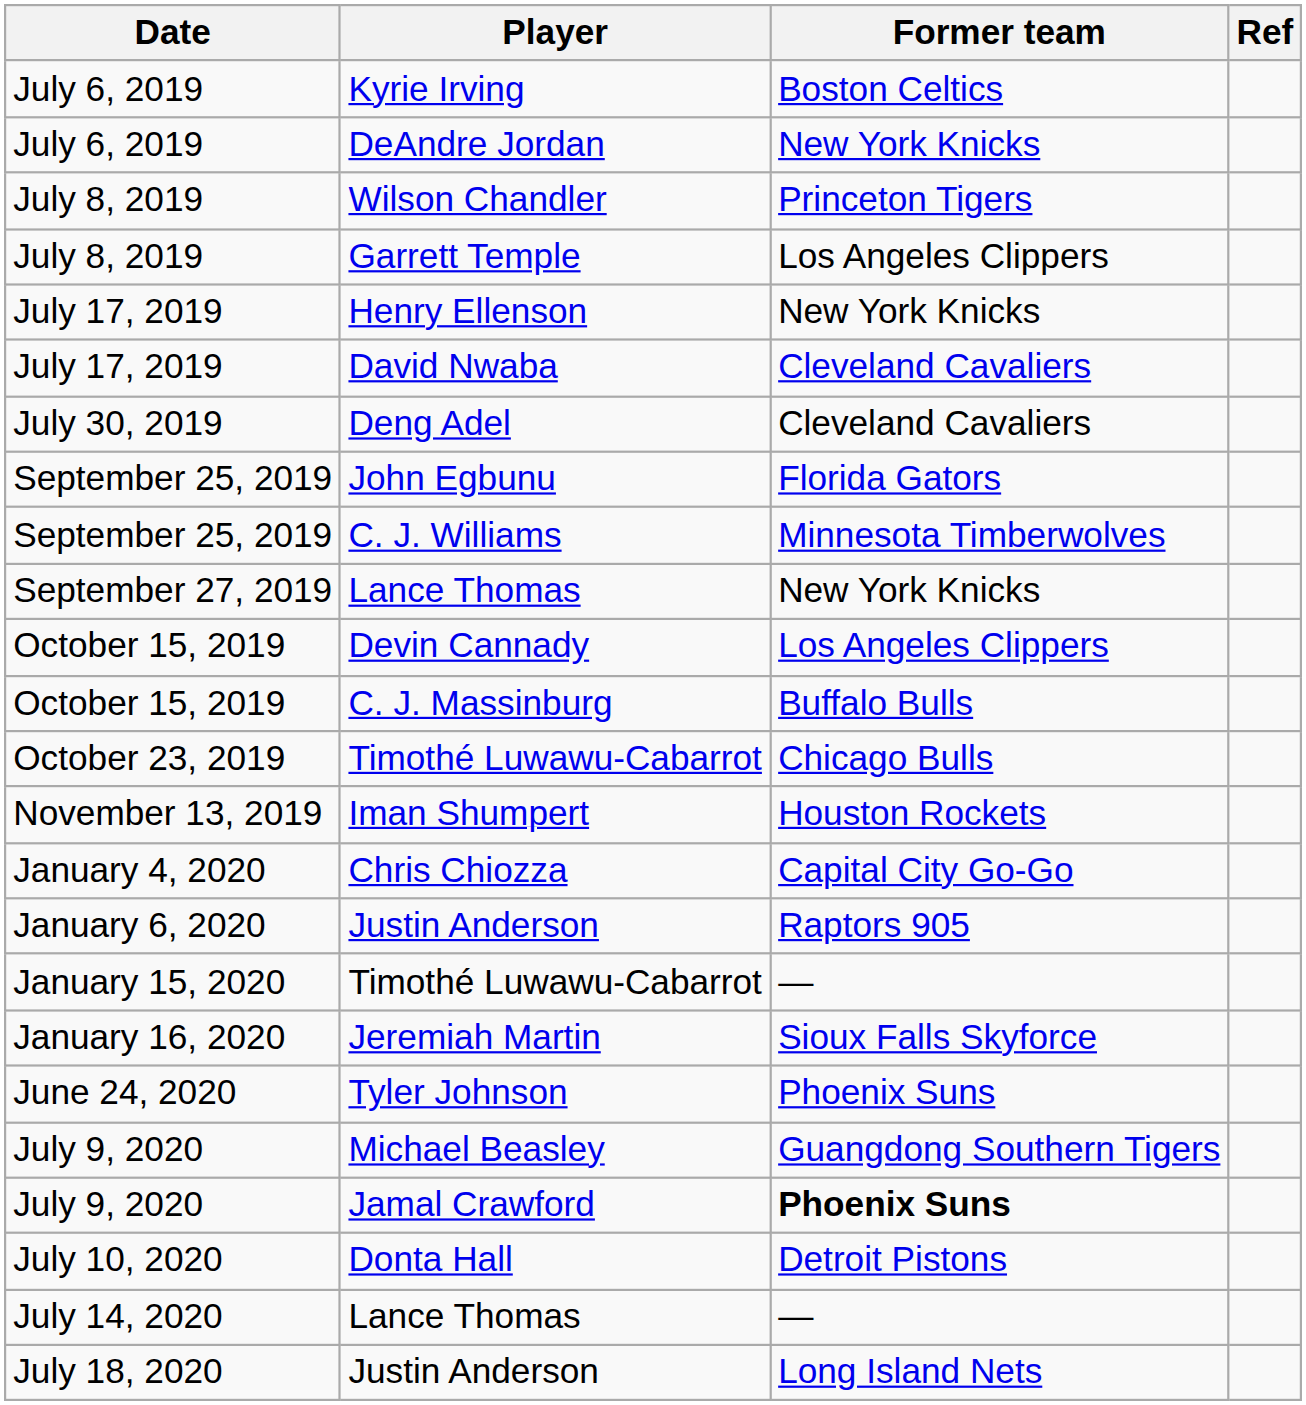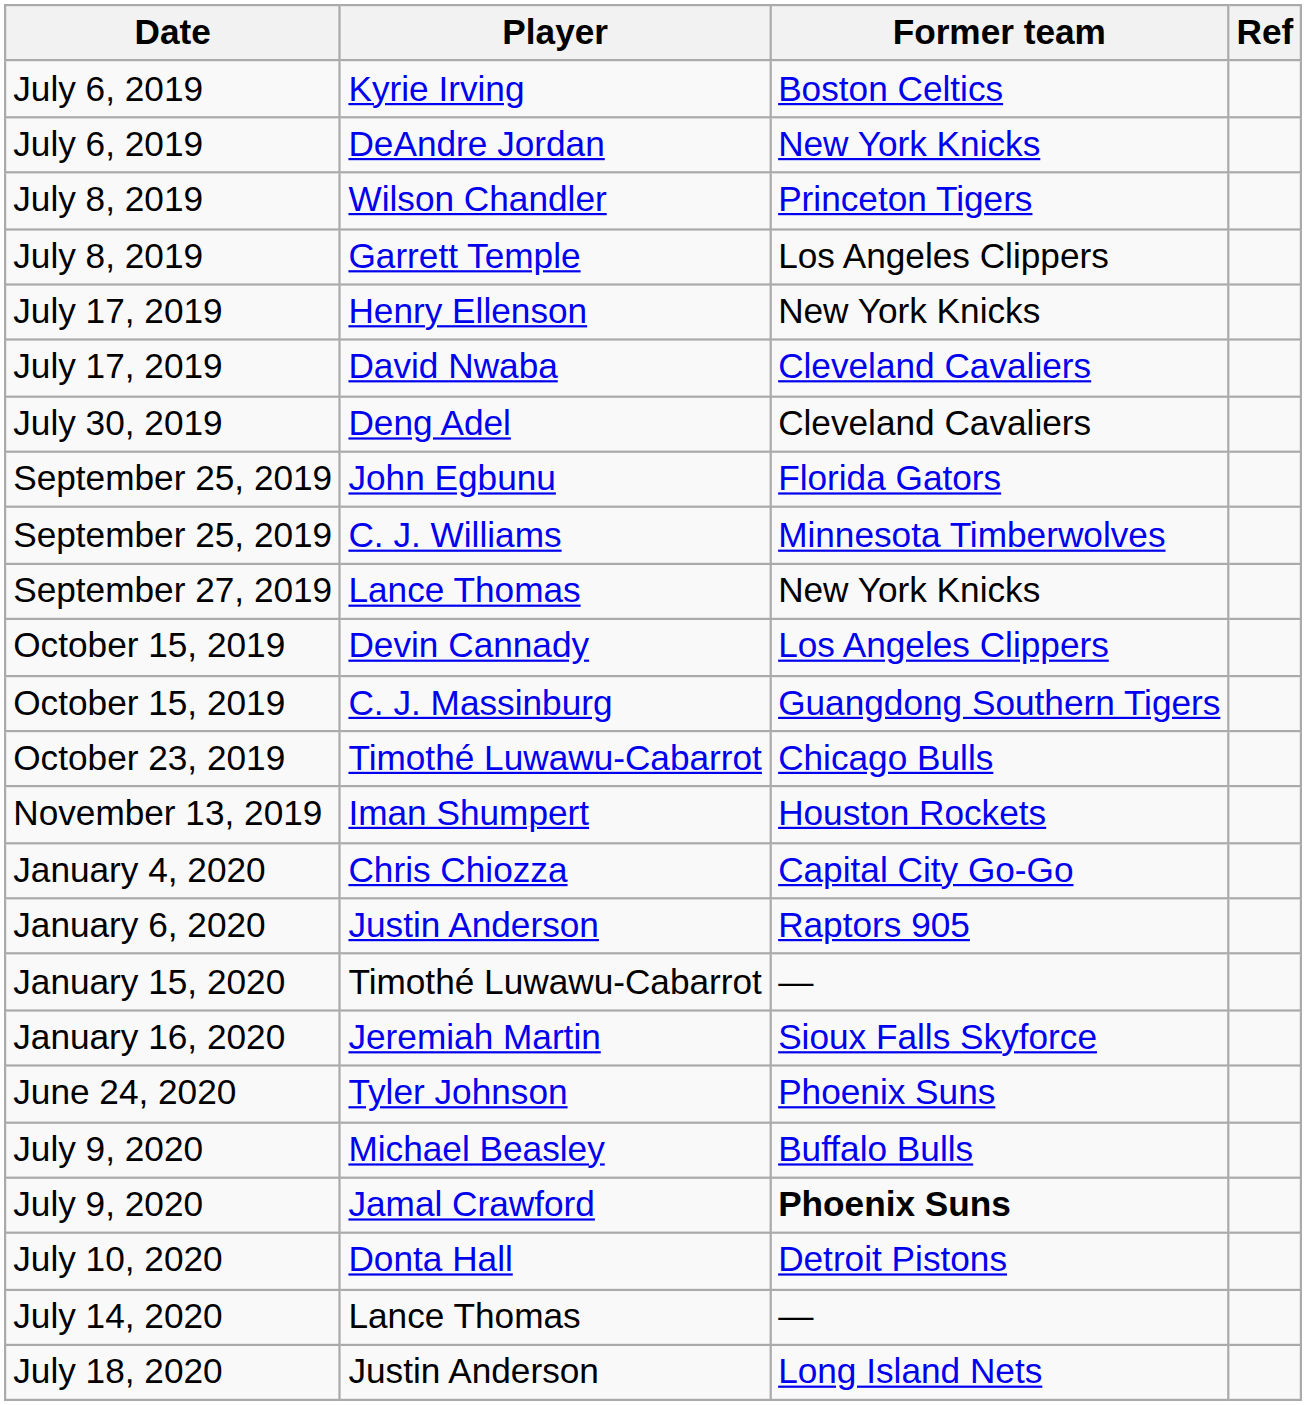 <table class="wikitable" style="text-align:left;">
 <tr>
 <th>Date</th>
 <th>Player</th>
 <th>Former team</th>
 <th>Ref</th>
 </tr>
 <tr>
 <td>July 6, 2019</td>
 <td><a href='#'>Kyrie Irving</a></td>
 <td><a href='#'>Boston Celtics</a></td>
 <td></td>
 </tr>
 <tr>
 <td>July 6, 2019</td>
 <td><a href='#'>DeAndre Jordan</a></td>
 <td><a href='#'>New York Knicks</a></td>
 <td></td>
 </tr>
 <tr>
 <td>July 8, 2019</td>
 <td><a href='#'>Wilson Chandler</a></td>
 <td><a href='#'>Princeton Tigers</a></td>
 <td></td>
 </tr>
 <tr>
 <td>July 8, 2019</td>
 <td><a href='#'>Garrett Temple</a></td>
 <td>Los Angeles Clippers</td>
 <td></td>
 </tr>
 <tr>
 <td>July 17, 2019</td>
 <td><a href='#'>Henry Ellenson</a></td>
 <td>New York Knicks</td>
 <td></td>
 </tr>
 <tr>
 <td>July 17, 2019</td>
 <td><a href='#'>David Nwaba</a></td>
 <td><a href='#'>Cleveland Cavaliers</a></td>
 <td></td>
 </tr>
 <tr>
 <td>July 30, 2019</td>
 <td><a href='#'>Deng Adel</a></td>
 <td>Cleveland Cavaliers</td>
 <td></td>
 </tr>
 <tr>
 <td>September 25, 2019</td>
 <td><a href='#'>John Egbunu</a></td>
 <td><a href='#'>Florida Gators</a></td>
 <td></td>
 </tr>
 <tr>
 <td>September 25, 2019</td>
 <td><a href='#'>C. J. Williams</a></td>
 <td><a href='#'>Minnesota Timberwolves</a></td>
 <td></td>
 </tr>
 <tr>
 <td>September 27, 2019</td>
 <td><a href='#'>Lance Thomas</a></td>
 <td>New York Knicks</td>
 <td></td>
 </tr>
 <tr>
 <td>October 15, 2019</td>
 <td><a href='#'>Devin Cannady</a></td>
 <td><a href='#'>Los Angeles Clippers</a></td>
 <td></td>
 </tr>
 <tr>
 <td>October 15, 2019</td>
 <td><a href='#'>C. J. Massinburg</a></td>
-<td><a href='#'>Buffalo Bulls</a></td>
+<td><a href='#'>Guangdong Southern Tigers</a></td>
 <td></td>
 </tr>
 <tr>
 <td>October 23, 2019</td>
 <td><a href='#'>Timothé Luwawu-Cabarrot</a></td>
 <td><a href='#'>Chicago Bulls</a></td>
 <td></td>
 </tr>
 <tr>
 <td>November 13, 2019</td>
 <td><a href='#'>Iman Shumpert</a></td>
 <td><a href='#'>Houston Rockets</a></td>
 <td></td>
 </tr>
 <tr>
 <td>January 4, 2020</td>
 <td><a href='#'>Chris Chiozza</a></td>
 <td><a href='#'>Capital City Go-Go</a></td>
 <td></td>
 </tr>
 <tr>
 <td>January 6, 2020</td>
 <td><a href='#'>Justin Anderson</a></td>
 <td><a href='#'>Raptors 905</a></td>
 <td></td>
 </tr>
 <tr>
 <td>January 15, 2020</td>
 <td>Timothé Luwawu-Cabarrot</td>
 <td>—</td>
 <td></td>
 </tr>
 <tr>
 <td>January 16, 2020</td>
 <td><a href='#'>Jeremiah Martin</a></td>
 <td><a href='#'>Sioux Falls Skyforce</a></td>
 <td></td>
 </tr>
 <tr>
 <td>June 24, 2020</td>
 <td><a href='#'>Tyler Johnson</a></td>
 <td><a href='#'>Phoenix Suns</a></td>
 <td></td>
 </tr>
 <tr>
 <td>July 9, 2020</td>
 <td><a href='#'>Michael Beasley</a></td>
-<td><a href='#'>Guangdong Southern Tigers</a></td>
+<td><a href='#'>Buffalo Bulls</a></td>
 <td></td>
 </tr>
 <tr>
 <td>July 9, 2020</td>
 <td><a href='#'>Jamal Crawford</a></td>
 <td><strong>Phoenix Suns</strong></td>
 <td></td>
 </tr>
 <tr>
 <td>July 10, 2020</td>
 <td><a href='#'>Donta Hall</a></td>
 <td><a href='#'>Detroit Pistons</a></td>
 <td></td>
 </tr>
 <tr>
 <td>July 14, 2020</td>
 <td>Lance Thomas</td>
 <td>—</td>
 <td></td>
 </tr>
 <tr>
 <td>July 18, 2020</td>
 <td>Justin Anderson</td>
 <td><a href='#'>Long Island Nets</a></td>
 <td></td>
 </tr>
 </table>
